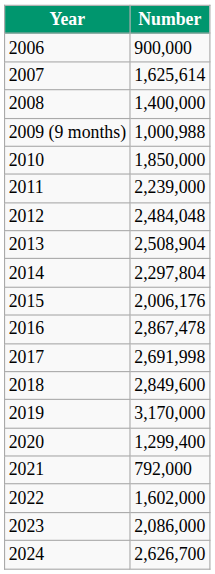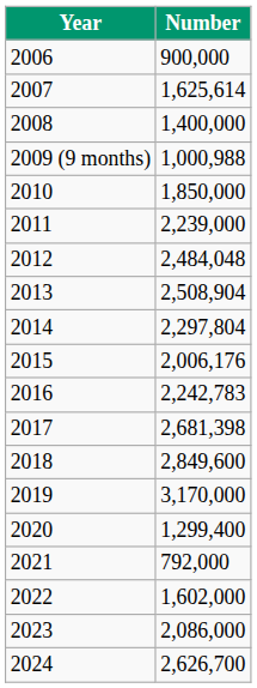 <table class="wikitable sortable" style="display: inline-table;">
 <tr style="color:white;">
 <th style="background-color:#00966E;">Year</th>
 <th style="background-color:#00966E;">Number</th>
 </tr>
 <tr>
 <td>2006</td>
 <td>900,000</td>
 </tr>
 <tr>
 <td>2007</td>
 <td>1,625,614</td>
 </tr>
 <tr>
 <td>2008</td>
 <td>1,400,000</td>
 </tr>
 <tr>
 <td>2009 (9 months)</td>
 <td>1,000,988</td>
 </tr>
 <tr>
 <td>2010</td>
 <td>1,850,000</td>
 </tr>
 <tr>
 <td>2011</td>
 <td>2,239,000</td>
 </tr>
 <tr>
 <td>2012</td>
 <td>2,484,048</td>
 </tr>
 <tr>
 <td>2013</td>
 <td>2,508,904</td>
 </tr>
 <tr>
 <td>2014</td>
 <td>2,297,804</td>
 </tr>
 <tr>
 <td>2015</td>
 <td>2,006,176</td>
 </tr>
 <tr>
 <td>2016</td>
-<td>2,867,478</td>
+<td>2,242,783</td>
 </tr>
 <tr>
 <td>2017</td>
-<td>2,691,998</td>
+<td>2,681,398</td>
 </tr>
 <tr>
 <td>2018</td>
 <td>2,849,600</td>
 </tr>
 <tr>
 <td>2019</td>
 <td>3,170,000</td>
 </tr>
 <tr>
 <td>2020</td>
 <td>1,299,400</td>
 </tr>
 <tr>
 <td>2021</td>
 <td>792,000</td>
 </tr>
 <tr>
 <td>2022</td>
 <td>1,602,000</td>
 </tr>
 <tr>
 <td>2023</td>
 <td>2,086,000</td>
 </tr>
 <tr>
 <td>2024</td>
 <td>2,626,700</td>
 </tr>
 </table>
